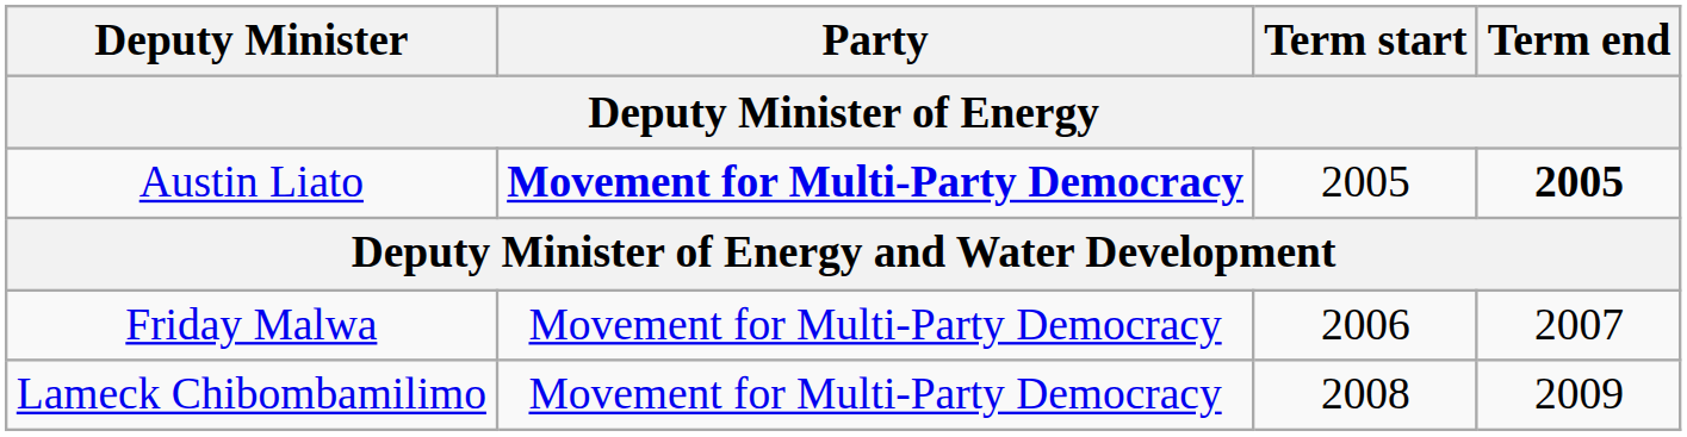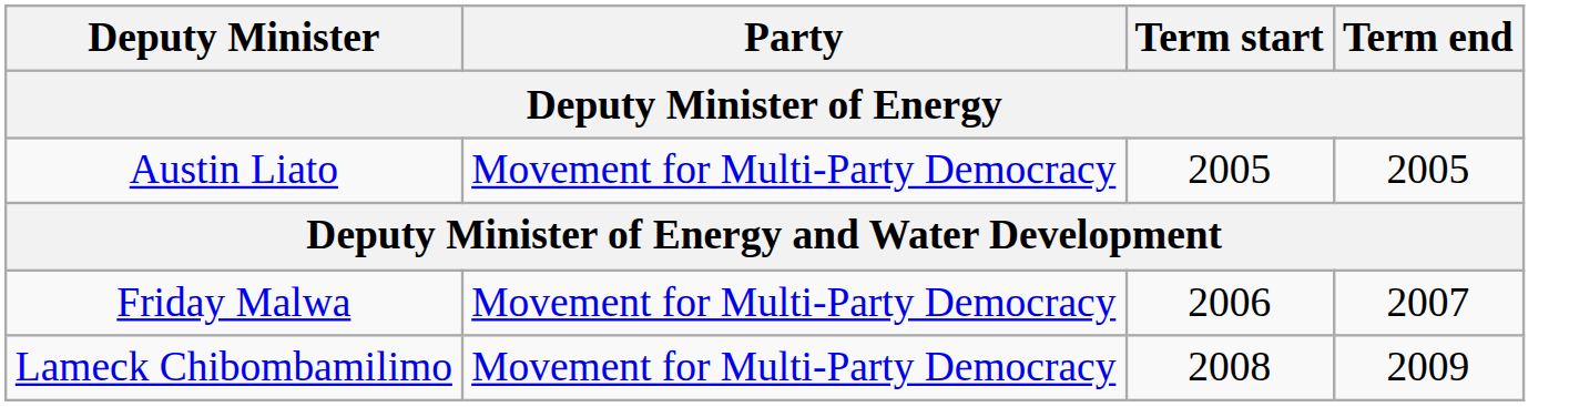 <table class=wikitable style=text-align:center>
 <tr>
 <th>Deputy Minister</th>
 <th>Party</th>
 <th>Term start</th>
 <th>Term end</th>
 </tr>
 <tr>
 <th colspan=4>Deputy Minister of Energy</th>
 </tr>
 <tr>
 <td><a href='#'>Austin Liato</a></td>
-<td><strong><a href='#'>Movement for Multi-Party Democracy</a></strong></td>
+<td><a href='#'>Movement for Multi-Party Democracy</a></td>
 <td>2005</td>
-<td><strong>2005</strong></td>
+<td>2005</td>
 </tr>
 <tr>
 <th colspan=4>Deputy Minister of Energy and Water Development</th>
 </tr>
 <tr>
 <td><a href='#'>Friday Malwa</a></td>
 <td><a href='#'>Movement for Multi-Party Democracy</a></td>
 <td>2006</td>
 <td>2007</td>
 </tr>
 <tr>
 <td><a href='#'>Lameck Chibombamilimo</a></td>
 <td><a href='#'>Movement for Multi-Party Democracy</a></td>
 <td>2008</td>
 <td>2009</td>
 </tr>
 </table>
